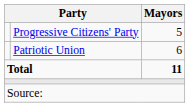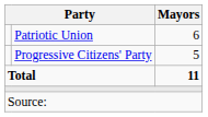 <table class="wikitable" style="text-align:right">
 <tr>
 <th colspan="2">Party</th>
 <th>Mayors</th>
 </tr>
 <tr>
 <td width="1"></td>
-<td align="left"><a href='#'>Progressive Citizens' Party</a></td>
-<td>5</td>
+<td align="left"><a href='#'>Patriotic Union</a></td>
+<td>6</td>
 </tr>
 <tr>
 <td width="1"></td>
-<td align="left"><a href='#'>Patriotic Union</a></td>
-<td>6</td>
+<td align="left"><a href='#'>Progressive Citizens' Party</a></td>
+<td>5</td>
 </tr>
 <tr>
 <td colspan="2" align="left"><strong>Total</strong></td>
 <td><strong>11</strong></td>
 </tr>
 <tr>
 <td colspan="3" style="color:inherit;background:#E9E9E9"></td>
 </tr>
 <tr>
 <td colspan="3" align="left">Source: </td>
 </tr>
 </table>
